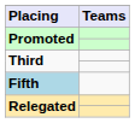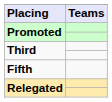 <table class=wikitable>
 <tr>
 </tr>
 <tr style="background: #E6E6FA;">
 <td><strong>Placing</strong></td>
 <td><strong>Teams</strong></td>
 </tr>
 <tr style="background: #ccffcc;">
 <td rowspan="2"><strong>Promoted</strong></td>
 <td><strong></strong></td>
 </tr>
 <tr style="background: #ccffcc;">
 <td><strong></strong></td>
 </tr>
 <tr>
 <td rowspan="2"><strong>Third</strong></td>
 <td></td>
 </tr>
 <tr>
 <td></td>
 </tr>
 <tr>
-<td style="background: lightblue;"><strong>Fifth</strong></td>
+<td><strong>Fifth</strong></td>
 <td></td>
 </tr>
 <tr style="background: #ffebad;">
 <td rowspan="2"><strong>Relegated</strong></td>
 <td></td>
 </tr>
 <tr style="background: #ffebad;">
 <td></td>
 </tr>
 </table>
